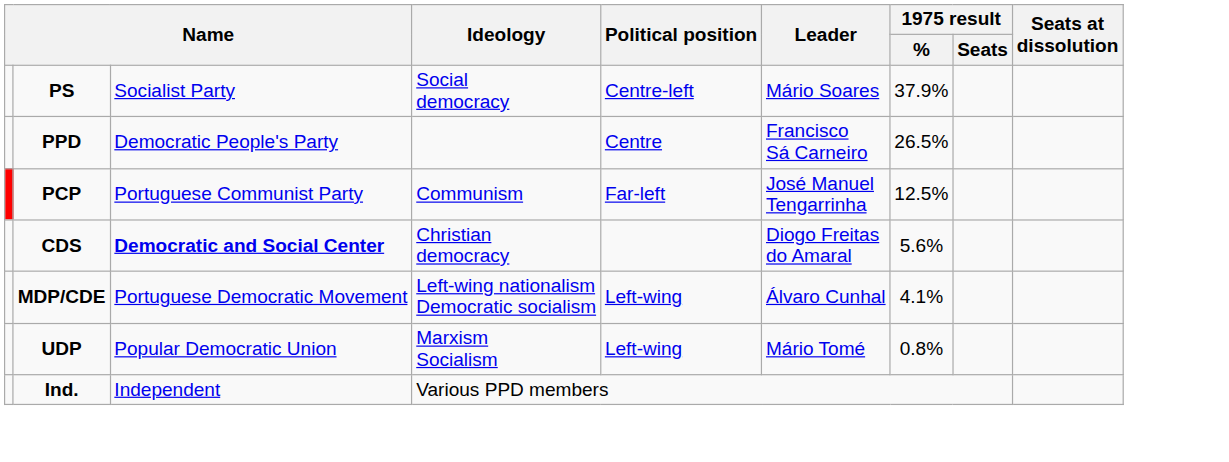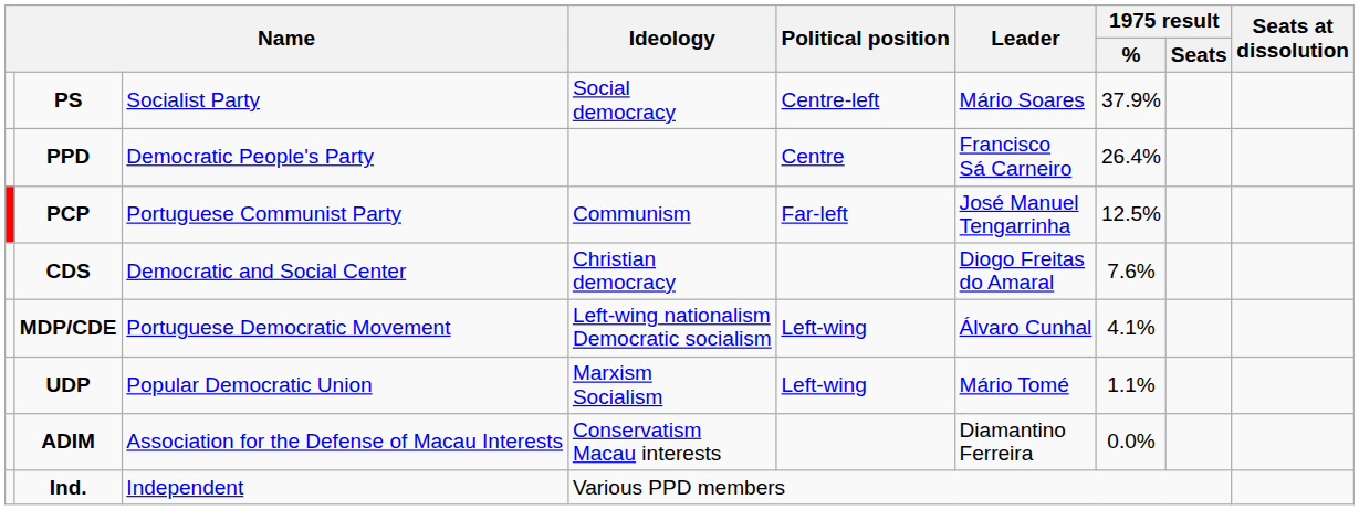 <table class="wikitable">
 <tr>
 <th rowspan="2" colspan="3">Name</th>
 <th rowspan="2">Ideology</th>
 <th rowspan="2">Political position</th>
 <th rowspan="2">Leader</th>
 <th colspan="2">1975 result</th>
 <th rowspan="2">Seats at<br>dissolution</th>
 </tr>
 <tr>
 <th>%</th>
 <th>Seats</th>
 </tr>
 <tr>
 <td style="background:"></td>
 <td style="text-align:center;"><strong>PS</strong></td>
 <td><a href='#'>Socialist Party</a><br></td>
 <td><a href='#'>Social<br>democracy</a></td>
 <td><a href='#'>Centre-left</a></td>
 <td><a href='#'>Mário Soares</a></td>
 <td style="text-align:center;">37.9%</td>
 <td></td>
 <td></td>
 </tr>
 <tr>
 <td style="background:"></td>
 <td style="text-align:center;"><strong>PPD</strong></td>
 <td><a href='#'>Democratic People's Party</a><br></td>
 <td></td>
 <td><a href='#'>Centre</a></td>
 <td><a href='#'>Francisco<br>Sá Carneiro</a></td>
-<td style="text-align:center;">26.5%</td>
+<td style="text-align:center;">26.4%</td>
 <td></td>
 <td></td>
 </tr>
 <tr>
 <td style="background:#f00;"></td>
 <td style="text-align:center;"><strong>PCP</strong></td>
 <td><a href='#'>Portuguese Communist Party</a><br></td>
 <td><a href='#'>Communism</a></td>
 <td><a href='#'>Far-left</a></td>
 <td><a href='#'>José Manuel<br>Tengarrinha</a></td>
 <td style="text-align:center;">12.5%</td>
 <td></td>
 <td></td>
 </tr>
 <tr>
 <td style="background:"></td>
 <td style="text-align:center;"><strong>CDS</strong></td>
-<td><strong><a href='#'>Democratic and Social Center</a><br></strong></td>
+<td><a href='#'>Democratic and Social Center</a><br></td>
 <td><a href='#'>Christian<br>democracy</a></td>
 <td></td>
 <td><a href='#'>Diogo Freitas<br>do Amaral</a></td>
-<td style="text-align:center;">5.6%</td>
+<td style="text-align:center;">7.6%</td>
 <td></td>
 <td></td>
 </tr>
 <tr>
 <td style="background:"></td>
 <td style="text-align:center;"><strong>MDP/CDE</strong></td>
 <td><a href='#'>Portuguese Democratic Movement</a><br></td>
 <td><a href='#'>Left-wing nationalism</a><br><a href='#'>Democratic socialism</a></td>
 <td><a href='#'>Left-wing</a></td>
 <td><a href='#'>Álvaro Cunhal</a></td>
 <td style="text-align:center;">4.1%</td>
 <td></td>
 <td></td>
 </tr>
 <tr>
 <td style="background:"></td>
 <td style="text-align:center;"><strong>UDP</strong></td>
 <td><a href='#'>Popular Democratic Union</a><br></td>
 <td><a href='#'>Marxism</a><br><a href='#'>Socialism</a></td>
 <td><a href='#'>Left-wing</a></td>
 <td><a href='#'>Mário Tomé</a></td>
-<td style="text-align:center;">0.8%</td>
+<td style="text-align:center;">1.1%</td>
+<td></td>
+<td></td>
+</tr>
+<tr>
+<td style="background:"></td>
+<td style="text-align:center;"><strong>ADIM</strong></td>
+<td><a href='#'>Association for the Defense of Macau Interests</a><br></td>
+<td><a href='#'>Conservatism</a><br><a href='#'>Macau</a> interests</td>
+<td></td>
+<td>Diamantino<br>Ferreira</td>
+<td style="text-align:center;">0.0%</td>
 <td></td>
 <td></td>
 </tr>
 <tr>
 <td style="color:inherit;background:"></td>
 <td style="text-align:center;"><strong>Ind.</strong></td>
 <td><a href='#'>Independent</a><br></td>
 <td colspan="5">Various PPD members</td>
 <td></td>
 </tr>
 </table>
